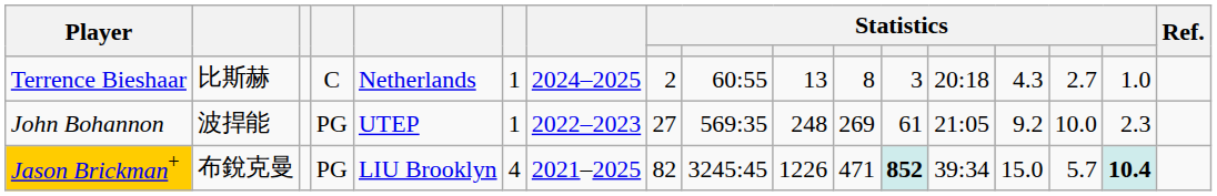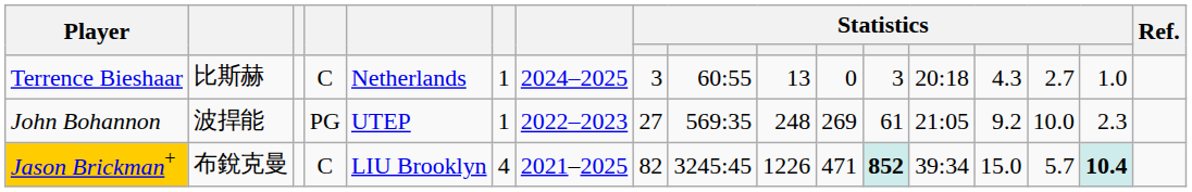 <table class="wikitable sortable" style="font-size:95%; text-align:right;">
 <tr>
 <th rowspan="2">Player</th>
 <th rowspan="2"></th>
 <th rowspan="2"></th>
 <th rowspan="2"></th>
 <th rowspan="2"></th>
 <th rowspan="2"></th>
 <th rowspan="2"></th>
 <th colspan="9">Statistics</th>
 <th rowspan="2">Ref.</th>
 </tr>
 <tr>
 <th></th>
 <th></th>
 <th></th>
 <th></th>
 <th></th>
 <th></th>
 <th></th>
 <th></th>
 <th></th>
 </tr>
 <tr>
 <td align="left"><a href='#'>Terrence Bieshaar</a></td>
 <td align="left">比斯赫</td>
 <td align="center"></td>
 <td align="center">C</td>
 <td align="left"><a href='#'>Netherlands</a></td>
 <td align="center">1</td>
 <td align="center"><a href='#'>2024–2025</a></td>
-<td>2</td>
+<td>3</td>
 <td>60:55</td>
 <td>13</td>
-<td>8</td>
+<td>0</td>
 <td>3</td>
 <td>20:18</td>
 <td>4.3</td>
 <td>2.7</td>
 <td>1.0</td>
 <td align="center"></td>
 </tr>
 <tr>
 <td align="left"><em>John Bohannon</em></td>
 <td align="left">波捍能</td>
 <td align="center"></td>
 <td align="center">PG</td>
 <td align="left"><a href='#'>UTEP</a></td>
 <td align="center">1</td>
 <td align="center"><a href='#'>2022–2023</a></td>
 <td>27</td>
 <td>569:35</td>
 <td>248</td>
 <td>269</td>
 <td>61</td>
 <td>21:05</td>
 <td>9.2</td>
 <td>10.0</td>
 <td>2.3</td>
 <td align="center"></td>
 </tr>
 <tr>
 <td align="left" bgcolor="#FFCC00"><em><a href='#'>Jason Brickman</a></em><sup>+</sup></td>
 <td align="left">布銳克曼</td>
 <td align="center"></td>
-<td align="center">PG</td>
+<td align="center">C</td>
 <td align="left"><a href='#'>LIU Brooklyn</a></td>
 <td align="center">4</td>
 <td align="center"><a href='#'>2021</a>–<a href='#'>2025</a></td>
 <td>82</td>
 <td>3245:45</td>
 <td>1226</td>
 <td>471</td>
 <td bgcolor="#CFECEC"><strong>852</strong></td>
 <td>39:34</td>
 <td>15.0</td>
 <td>5.7</td>
 <td bgcolor="#CFECEC"><strong>10.4</strong></td>
 <td align="center"></td>
 </tr>
 </table>
